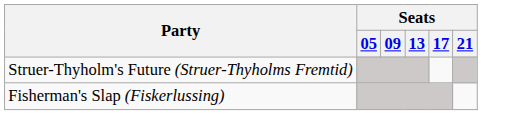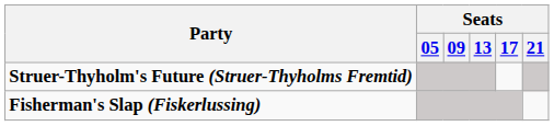 <table class="wikitable">
 <tr>
 <th rowspan=2>Party</th>
 <th colspan=11>Seats</th>
 </tr>
 <tr>
 <th><a href='#'>05</a></th>
 <th><a href='#'>09</a></th>
 <th><a href='#'>13</a></th>
 <th><a href='#'>17</a></th>
 <th><a href='#'>21</a></th>
 </tr>
 <tr>
-<td>Struer-Thyholm's Future <em>(Struer-Thyholms Fremtid)</em></td>
+<td><strong>Struer-Thyholm's Future <em>(Struer-Thyholms Fremtid)</em></strong></td>
 <td style="background:#CDC9C9;" colspan=3></td>
 <td></td>
 <td style="background:#CDC9C9;"></td>
 </tr>
 <tr>
-<td>Fisherman's Slap <em>(Fiskerlussing)</em></td>
+<td><strong>Fisherman's Slap <em>(Fiskerlussing)</em></strong></td>
 <td style="background:#CDC9C9;" colspan=4></td>
 <td></td>
 </tr>
 </table>
